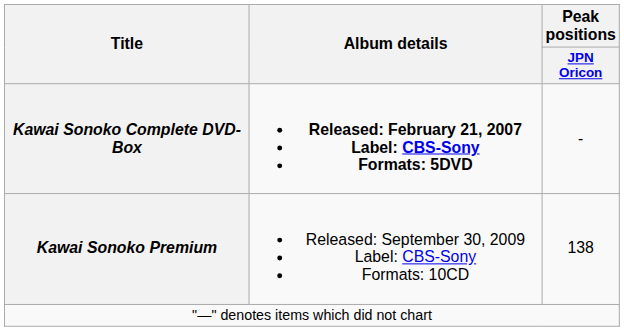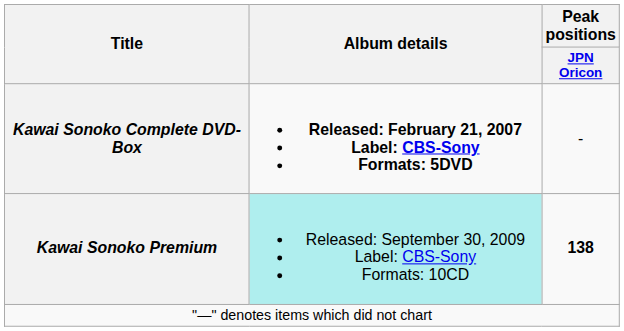 <table class="wikitable plainrowheaders" style="text-align:center;">
 <tr>
 <th style="width:15em;" rowspan="2">Title</th>
 <th style="width:18em;" rowspan="2">Album details</th>
 <th colspan="1">Peak positions</th>
 </tr>
 <tr>
 <th style="width:3em;font-size:85%"><a href='#'>JPN<br>Oricon</a><br></th>
 </tr>
 <tr>
 <th scope="row"><em>Kawai Sonoko Complete DVD-Box</em></th>
 <td><strong><br><ul><li>Released: February 21, 2007</li><li>Label: <a href='#'>CBS-Sony</a></li><li>Formats: 5DVD</li></ul></strong></td>
 <td>-</td>
 </tr>
 <tr>
 <th scope="row"><em>Kawai Sonoko Premium</em></th>
-<td><br><ul><li>Released: September 30, 2009</li><li>Label: <a href='#'>CBS-Sony</a></li><li>Formats: 10CD</li></ul></td>
-<td>138</td>
+<td style="background: paleturquoise;"><br><ul><li>Released: September 30, 2009</li><li>Label: <a href='#'>CBS-Sony</a></li><li>Formats: 10CD</li></ul></td>
+<td><strong>138</strong></td>
 </tr>
 <tr>
 <td colspan="11" align="center" style="font-size:90%;">"—" denotes items which did not chart</td>
 </tr>
 </table>
